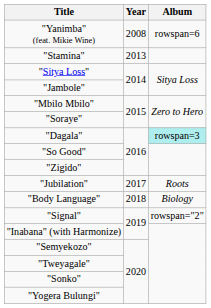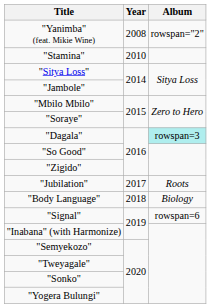 <table class="wikitable" style="text-align:center">
 <tr>
 <th scope="col">Title</th>
 <th scope="col">Year</th>
 <th scope="col">Album</th>
 </tr>
 <tr>
 <td>"Yanimba"<br><small>(feat. Mikie Wine)</small></td>
 <td>2008</td>
-<td>rowspan=6 </td>
+<td>rowspan="2" </td>
 </tr>
 <tr>
 <td>"Stamina"</td>
-<td>2013</td>
+<td>2010</td>
 </tr>
 <tr>
 <td>"<a href='#'>Sitya Loss</a>"</td>
 <td rowspan="2">2014</td>
 <td rowspan="2"><em>Sitya Loss</em></td>
 </tr>
 <tr>
 <td>"Jambole"</td>
 </tr>
 <tr>
 <td>"Mbilo Mbilo"</td>
 <td rowspan="2">2015</td>
 <td rowspan="2"><em>Zero to Hero</em></td>
 </tr>
 <tr>
 <td>"Soraye"</td>
 </tr>
 <tr>
 <td>"Dagala"</td>
 <td rowspan=3>2016</td>
 <td style="background: paleturquoise;">rowspan=3 </td>
 </tr>
 <tr>
 <td>"So Good"</td>
 </tr>
 <tr>
 <td>"Zigido"</td>
 </tr>
 <tr>
 <td>"Jubilation"</td>
 <td>2017</td>
 <td><em>Roots</em></td>
 </tr>
 <tr>
 <td>"Body Language"</td>
 <td>2018</td>
 <td><em>Biology</em></td>
 </tr>
 <tr>
 <td>"Signal"</td>
 <td rowspan=2>2019</td>
-<td>rowspan="2" </td>
+<td>rowspan=6 </td>
 </tr>
 <tr>
 <td>"Inabana" (with Harmonize)</td>
 </tr>
 <tr>
 <td>"Semyekozo"</td>
 <td rowspan=4>2020</td>
 </tr>
 <tr>
 <td>"Tweyagale"</td>
 </tr>
 <tr>
 <td>"Sonko"</td>
 </tr>
 <tr>
 <td>"Yogera Bulungi"</td>
 </tr>
 </table>
